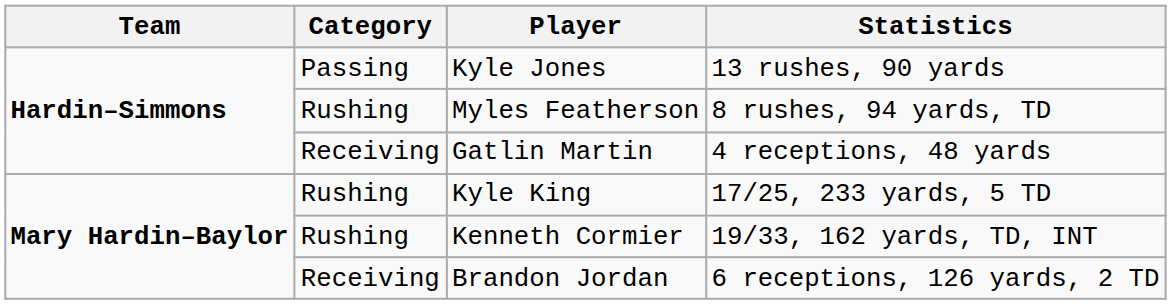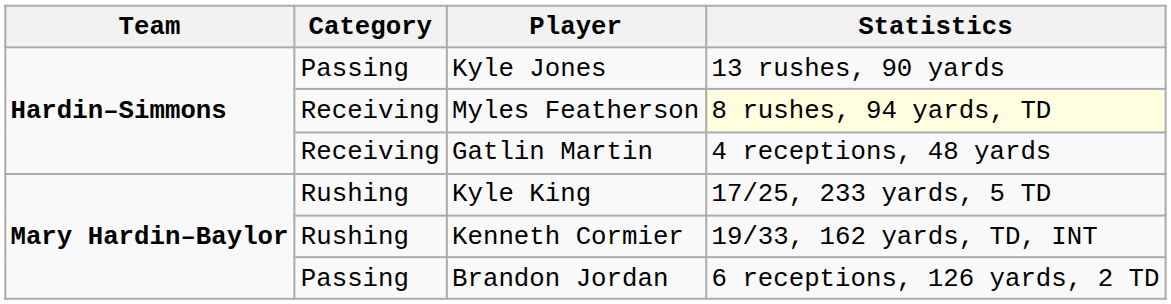 <table class="wikitable" style="float: right;">
 <tr>
 <th>Team</th>
 <th>Category</th>
 <th>Player</th>
 <th>Statistics</th>
 </tr>
 <tr>
 <td rowspan=3><strong>Hardin–Simmons</strong></td>
 <td>Passing</td>
 <td>Kyle Jones</td>
 <td>13 rushes, 90 yards</td>
 </tr>
 <tr>
-<td>Rushing</td>
+<td>Receiving</td>
 <td>Myles Featherson</td>
-<td>8 rushes, 94 yards, TD</td>
+<td style="background: lightyellow;">8 rushes, 94 yards, TD</td>
 </tr>
 <tr>
 <td>Receiving</td>
 <td>Gatlin Martin</td>
 <td>4 receptions, 48 yards</td>
 </tr>
 <tr>
 <td rowspan=3><strong>Mary Hardin–Baylor</strong></td>
 <td>Rushing</td>
 <td>Kyle King</td>
 <td>17/25, 233 yards, 5 TD</td>
 </tr>
 <tr>
 <td>Rushing</td>
 <td>Kenneth Cormier</td>
 <td>19/33, 162 yards, TD, INT</td>
 </tr>
 <tr>
-<td>Receiving</td>
+<td>Passing</td>
 <td>Brandon Jordan</td>
 <td>6 receptions, 126 yards, 2 TD</td>
 </tr>
 </table>
